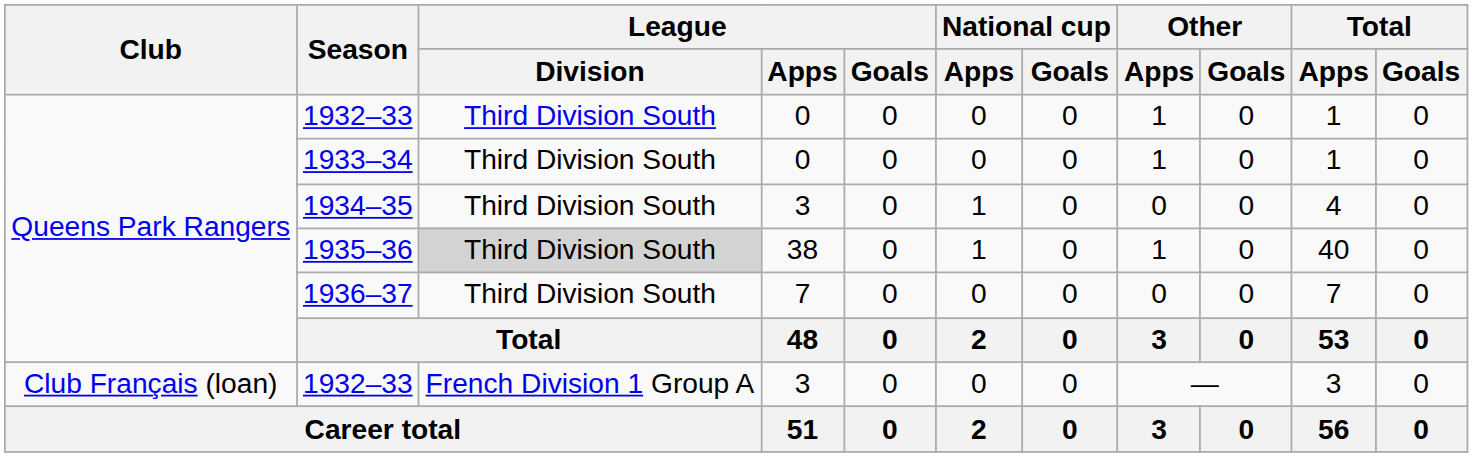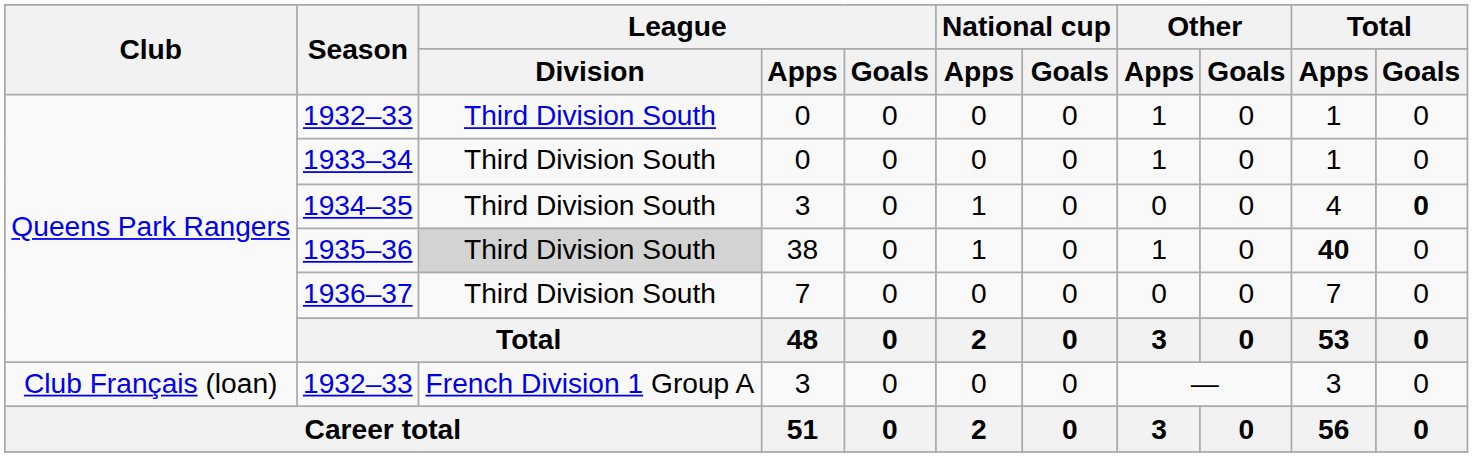 <table class="wikitable" style="text-align: center;">
 <tr>
 <th rowspan="2">Club</th>
 <th rowspan="2">Season</th>
 <th colspan="3">League</th>
 <th colspan="2">National cup</th>
 <th colspan="2">Other</th>
 <th colspan="2">Total</th>
 </tr>
 <tr>
 <th>Division</th>
 <th>Apps</th>
 <th>Goals</th>
 <th>Apps</th>
 <th>Goals</th>
 <th>Apps</th>
 <th>Goals</th>
 <th>Apps</th>
 <th>Goals</th>
 </tr>
 <tr>
 <td rowspan="6"><a href='#'>Queens Park Rangers</a></td>
 <td><a href='#'>1932–33</a></td>
 <td><a href='#'>Third Division South</a></td>
 <td>0</td>
 <td>0</td>
 <td>0</td>
 <td>0</td>
 <td>1</td>
 <td>0</td>
 <td>1</td>
 <td>0</td>
 </tr>
 <tr>
 <td><a href='#'>1933–34</a></td>
 <td>Third Division South</td>
 <td>0</td>
 <td>0</td>
 <td>0</td>
 <td>0</td>
 <td>1</td>
 <td>0</td>
 <td>1</td>
 <td>0</td>
 </tr>
 <tr>
 <td><a href='#'>1934–35</a></td>
 <td>Third Division South</td>
 <td>3</td>
 <td>0</td>
 <td>1</td>
 <td>0</td>
 <td>0</td>
 <td>0</td>
 <td>4</td>
-<td>0</td>
+<td><strong>0</strong></td>
 </tr>
 <tr>
 <td><a href='#'>1935–36</a></td>
 <td style="background: lightgrey;">Third Division South</td>
 <td>38</td>
 <td>0</td>
 <td>1</td>
 <td>0</td>
 <td>1</td>
 <td>0</td>
-<td>40</td>
+<td><strong>40</strong></td>
 <td>0</td>
 </tr>
 <tr>
 <td><a href='#'>1936–37</a></td>
 <td>Third Division South</td>
 <td>7</td>
 <td>0</td>
 <td>0</td>
 <td>0</td>
 <td>0</td>
 <td>0</td>
 <td>7</td>
 <td>0</td>
 </tr>
 <tr>
 <th colspan="2">Total</th>
 <th>48</th>
 <th>0</th>
 <th>2</th>
 <th>0</th>
 <th>3</th>
 <th>0</th>
 <th>53</th>
 <th>0</th>
 </tr>
 <tr>
 <td><a href='#'>Club Français</a> (loan)</td>
 <td><a href='#'>1932–33</a></td>
 <td><a href='#'>French Division 1</a> Group A</td>
 <td>3</td>
 <td>0</td>
 <td>0</td>
 <td>0</td>
 <td colspan="2">―</td>
 <td>3</td>
 <td>0</td>
 </tr>
 <tr>
 <th colspan="3">Career total</th>
 <th>51</th>
 <th>0</th>
 <th>2</th>
 <th>0</th>
 <th>3</th>
 <th>0</th>
 <th>56</th>
 <th>0</th>
 </tr>
 </table>
